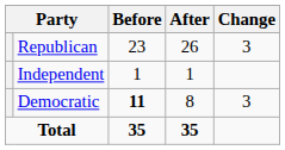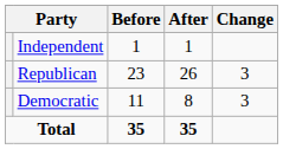 <table class="wikitable" style="text-align:center;">
 <tr>
 </tr>
 <tr>
 <th colspan=2>Party</th>
 <th>Before</th>
 <th>After</th>
 <th>Change</th>
 </tr>
 <tr>
 <th style="background-color:"></th>
+<td><a href='#'>Independent</a></td>
+<td>1</td>
+<td>1</td>
+<td></td>
+</tr>
+<tr>
+<th style="background-color:"></th>
 <td style="text-align:left;"><a href='#'>Republican</a></td>
 <td>23</td>
 <td>26</td>
 <td> 3</td>
 </tr>
 <tr>
 <th style="background-color:"></th>
-<td><a href='#'>Independent</a></td>
-<td>1</td>
-<td>1</td>
-<td></td>
-</tr>
-<tr>
-<th style="background-color:"></th>
 <td style="text-align:left;"><a href='#'>Democratic</a></td>
-<td><strong>11</strong></td>
+<td>11</td>
 <td>8</td>
 <td> 3</td>
 </tr>
 <tr>
 <td colspan=2><strong>Total</strong></td>
 <td><strong>35</strong></td>
 <td><strong>35</strong></td>
 <td></td>
 </tr>
 </table>
